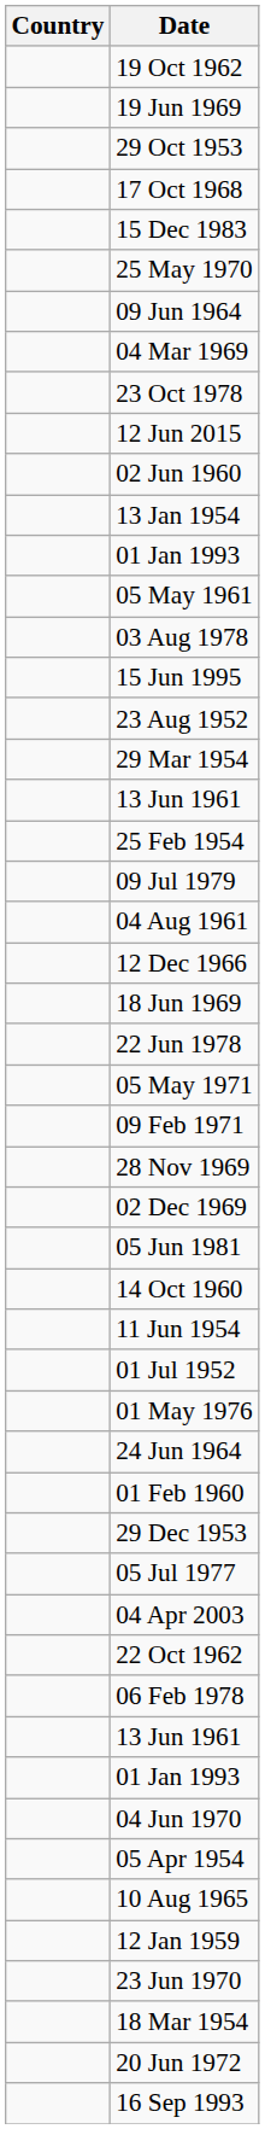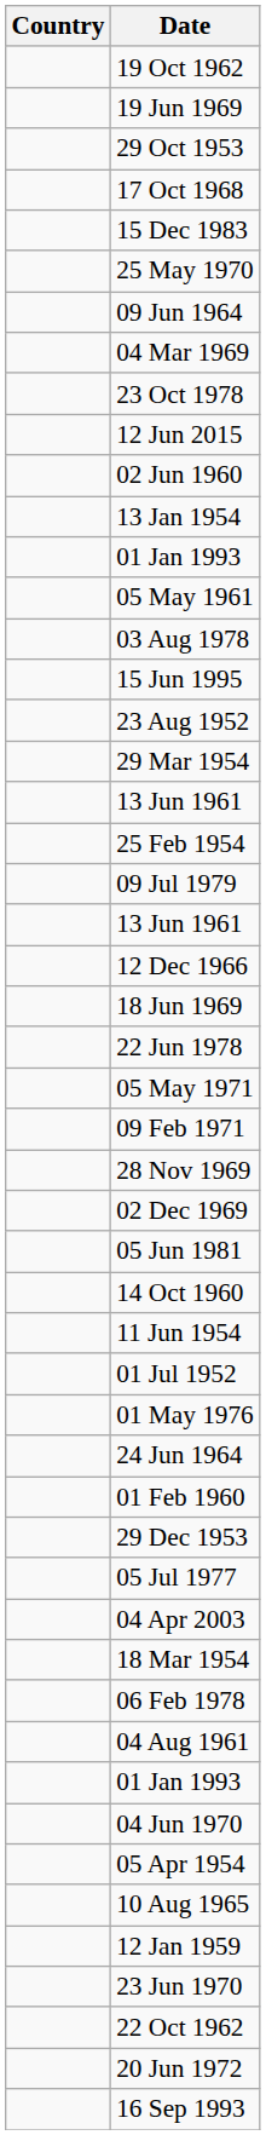 <table class = "wikitable">
 <tr>
 <th>Country</th>
 <th>Date</th>
 </tr>
 <tr>
 <td></td>
 <td>19 Oct 1962</td>
 </tr>
 <tr>
 <td></td>
 <td>19 Jun 1969</td>
 </tr>
 <tr>
 <td></td>
 <td>29 Oct 1953</td>
 </tr>
 <tr>
 <td></td>
 <td>17 Oct 1968</td>
 </tr>
 <tr>
 <td></td>
 <td>15 Dec 1983</td>
 </tr>
 <tr>
 <td></td>
 <td>25 May 1970</td>
 </tr>
 <tr>
 <td></td>
 <td>09 Jun 1964</td>
 </tr>
 <tr>
 <td></td>
 <td>04 Mar 1969</td>
 </tr>
 <tr>
 <td></td>
 <td>23 Oct 1978</td>
 </tr>
 <tr>
 <td></td>
 <td>12 Jun 2015</td>
 </tr>
 <tr>
 <td></td>
 <td>02 Jun 1960</td>
 </tr>
 <tr>
 <td></td>
 <td>13 Jan 1954</td>
 </tr>
 <tr>
 <td></td>
 <td>01 Jan 1993</td>
 </tr>
 <tr>
 <td></td>
 <td>05 May 1961</td>
 </tr>
 <tr>
 <td></td>
 <td>03 Aug 1978</td>
 </tr>
 <tr>
 <td></td>
 <td>15 Jun 1995</td>
 </tr>
 <tr>
 <td></td>
 <td>23 Aug 1952</td>
 </tr>
 <tr>
 <td></td>
 <td>29 Mar 1954</td>
 </tr>
 <tr>
 <td></td>
 <td>13 Jun 1961</td>
 </tr>
 <tr>
 <td></td>
 <td>25 Feb 1954</td>
 </tr>
 <tr>
 <td></td>
 <td>09 Jul 1979</td>
 </tr>
 <tr>
 <td></td>
-<td>04 Aug 1961</td>
+<td>13 Jun 1961</td>
 </tr>
 <tr>
 <td></td>
 <td>12 Dec 1966</td>
 </tr>
 <tr>
 <td></td>
 <td>18 Jun 1969</td>
 </tr>
 <tr>
 <td></td>
 <td>22 Jun 1978</td>
 </tr>
 <tr>
 <td></td>
 <td>05 May 1971</td>
 </tr>
 <tr>
 <td></td>
 <td>09 Feb 1971</td>
 </tr>
 <tr>
 <td></td>
 <td>28 Nov 1969</td>
 </tr>
 <tr>
 <td></td>
 <td>02 Dec 1969</td>
 </tr>
 <tr>
 <td></td>
 <td>05 Jun 1981</td>
 </tr>
 <tr>
 <td></td>
 <td>14 Oct 1960</td>
 </tr>
 <tr>
 <td></td>
 <td>11 Jun 1954</td>
 </tr>
 <tr>
 <td></td>
 <td>01 Jul 1952</td>
 </tr>
 <tr>
 <td></td>
 <td>01 May 1976</td>
 </tr>
 <tr>
 <td></td>
 <td>24 Jun 1964</td>
 </tr>
 <tr>
 <td></td>
 <td>01 Feb 1960</td>
 </tr>
 <tr>
 <td></td>
 <td>29 Dec 1953</td>
 </tr>
 <tr>
 <td></td>
 <td>05 Jul 1977</td>
 </tr>
 <tr>
 <td></td>
 <td>04 Apr 2003</td>
 </tr>
 <tr>
 <td></td>
-<td>22 Oct 1962</td>
+<td>18 Mar 1954</td>
 </tr>
 <tr>
 <td></td>
 <td>06 Feb 1978</td>
 </tr>
 <tr>
 <td></td>
-<td>13 Jun 1961</td>
+<td>04 Aug 1961</td>
 </tr>
 <tr>
 <td></td>
 <td>01 Jan 1993</td>
 </tr>
 <tr>
 <td></td>
 <td>04 Jun 1970</td>
 </tr>
 <tr>
 <td></td>
 <td>05 Apr 1954</td>
 </tr>
 <tr>
 <td></td>
 <td>10 Aug 1965</td>
 </tr>
 <tr>
 <td></td>
 <td>12 Jan 1959</td>
 </tr>
 <tr>
 <td></td>
 <td>23 Jun 1970</td>
 </tr>
 <tr>
 <td></td>
-<td>18 Mar 1954</td>
+<td>22 Oct 1962</td>
 </tr>
 <tr>
 <td></td>
 <td>20 Jun 1972</td>
 </tr>
 <tr>
 <td></td>
 <td>16 Sep 1993</td>
 </tr>
 <tr>
 </tr>
 </table>
